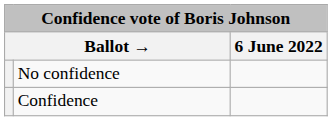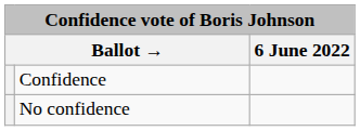 <table class="wikitable" style="text-align:center;">
 <tr>
 <td colspan="3"  style="text-align:center; background:silver;"><strong>Confidence vote of Boris Johnson</strong></td>
 </tr>
 <tr>
 <th colspan="2" style="width:200px;">Ballot →</th>
 <th>6 June 2022</th>
 </tr>
 <tr>
+<th style="width:1px; background:"></th>
+<td style="text-align:left;">Confidence</td>
+<td></td>
+</tr>
+<tr>
 <th style="background:"></th>
 <td style="text-align:left;">No confidence</td>
 <td></td>
 </tr>
-<tr>
-<th style="width:1px; background:"></th>
-<td style="text-align:left;">Confidence</td>
-<td></td>
-</tr>
 </table>
